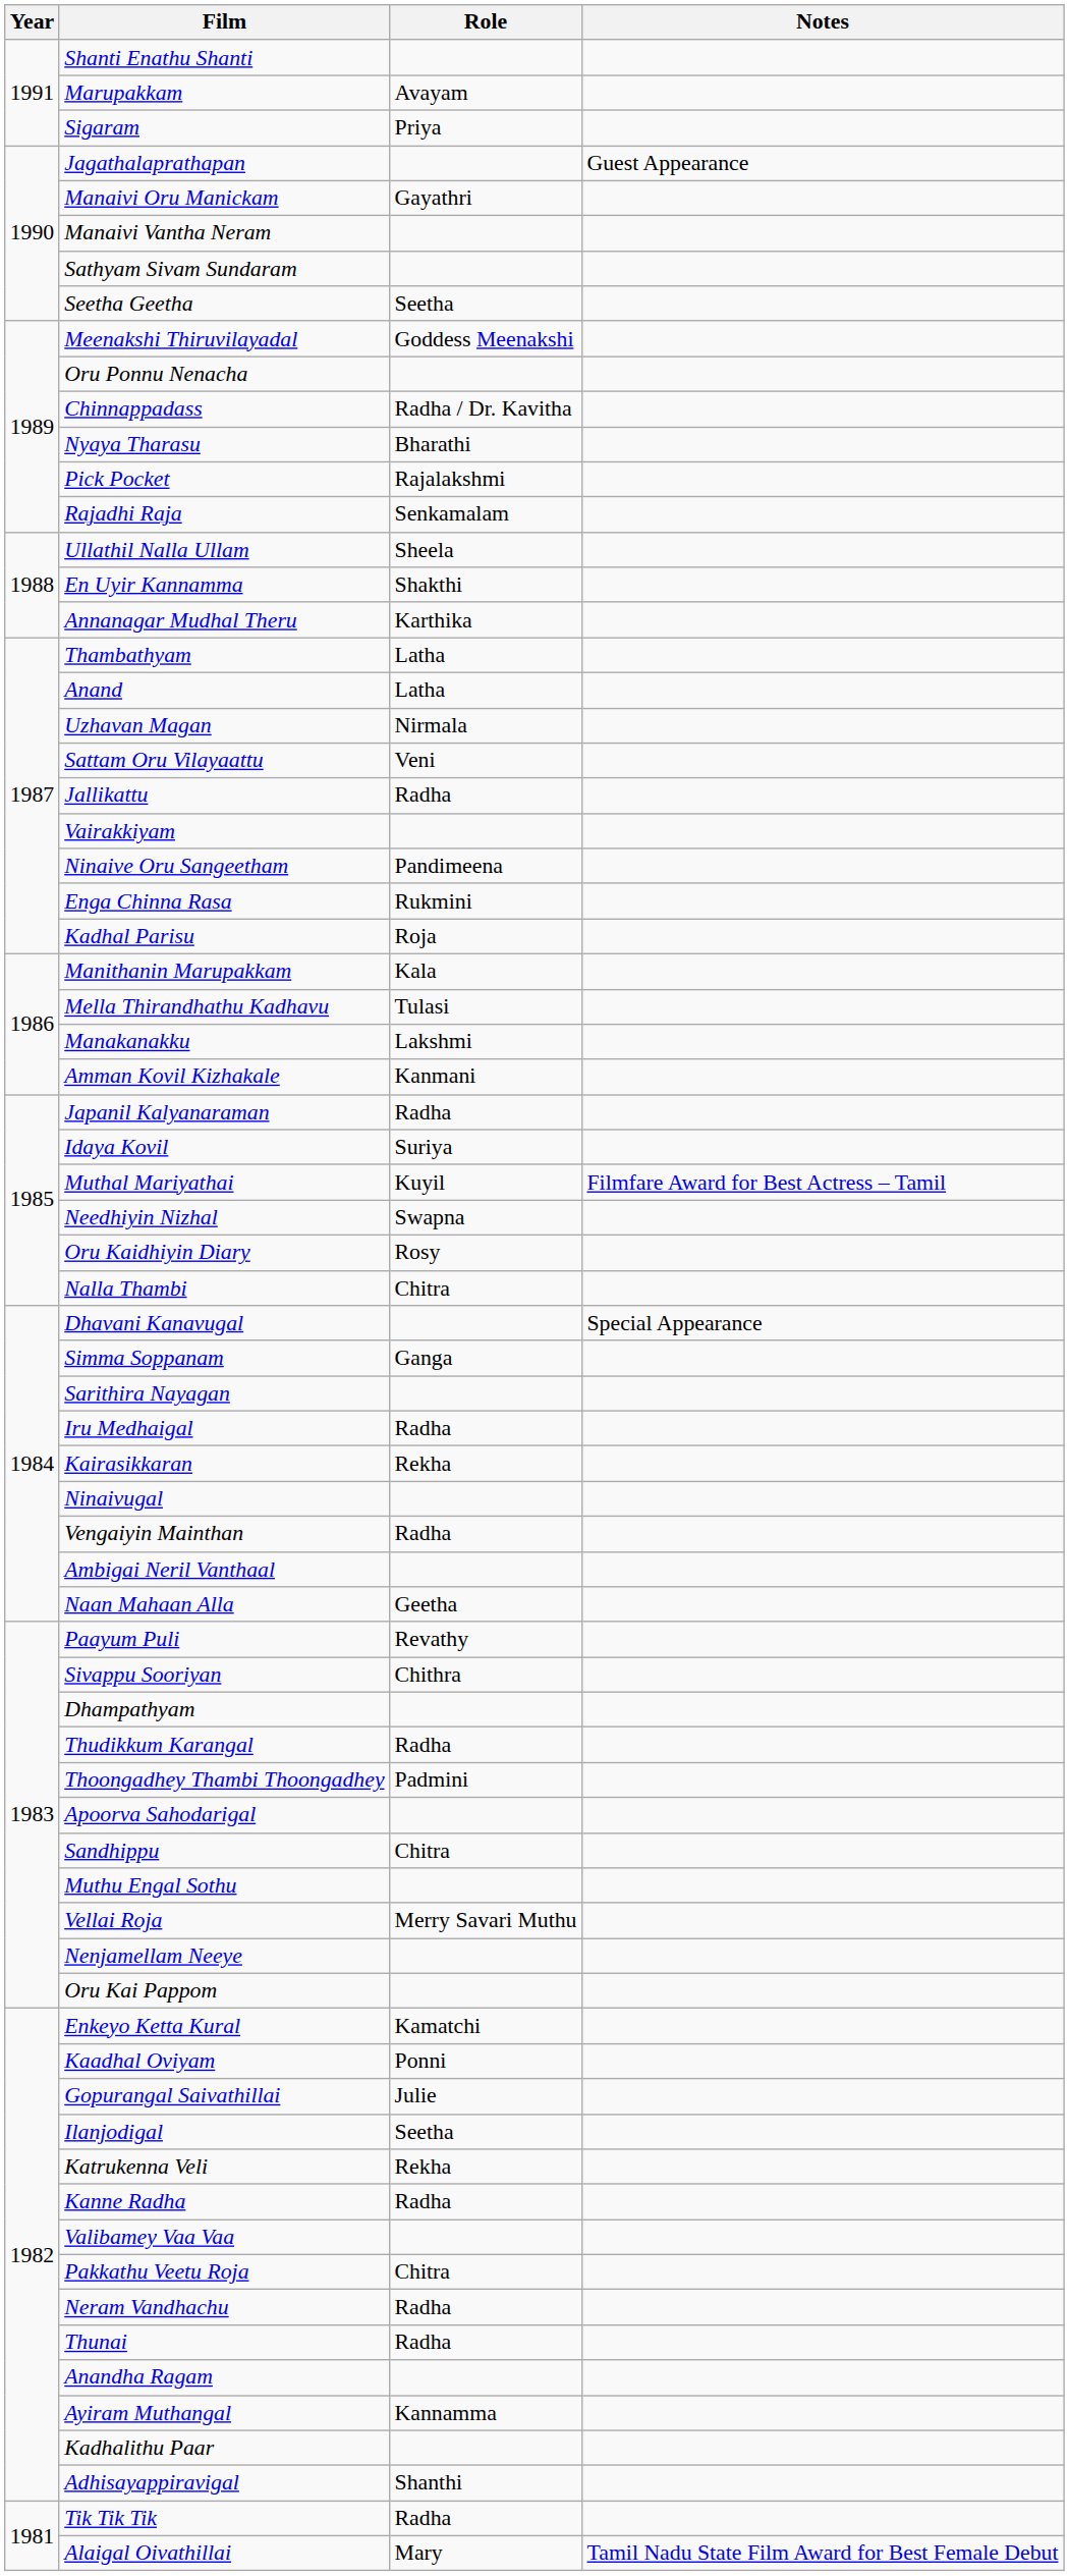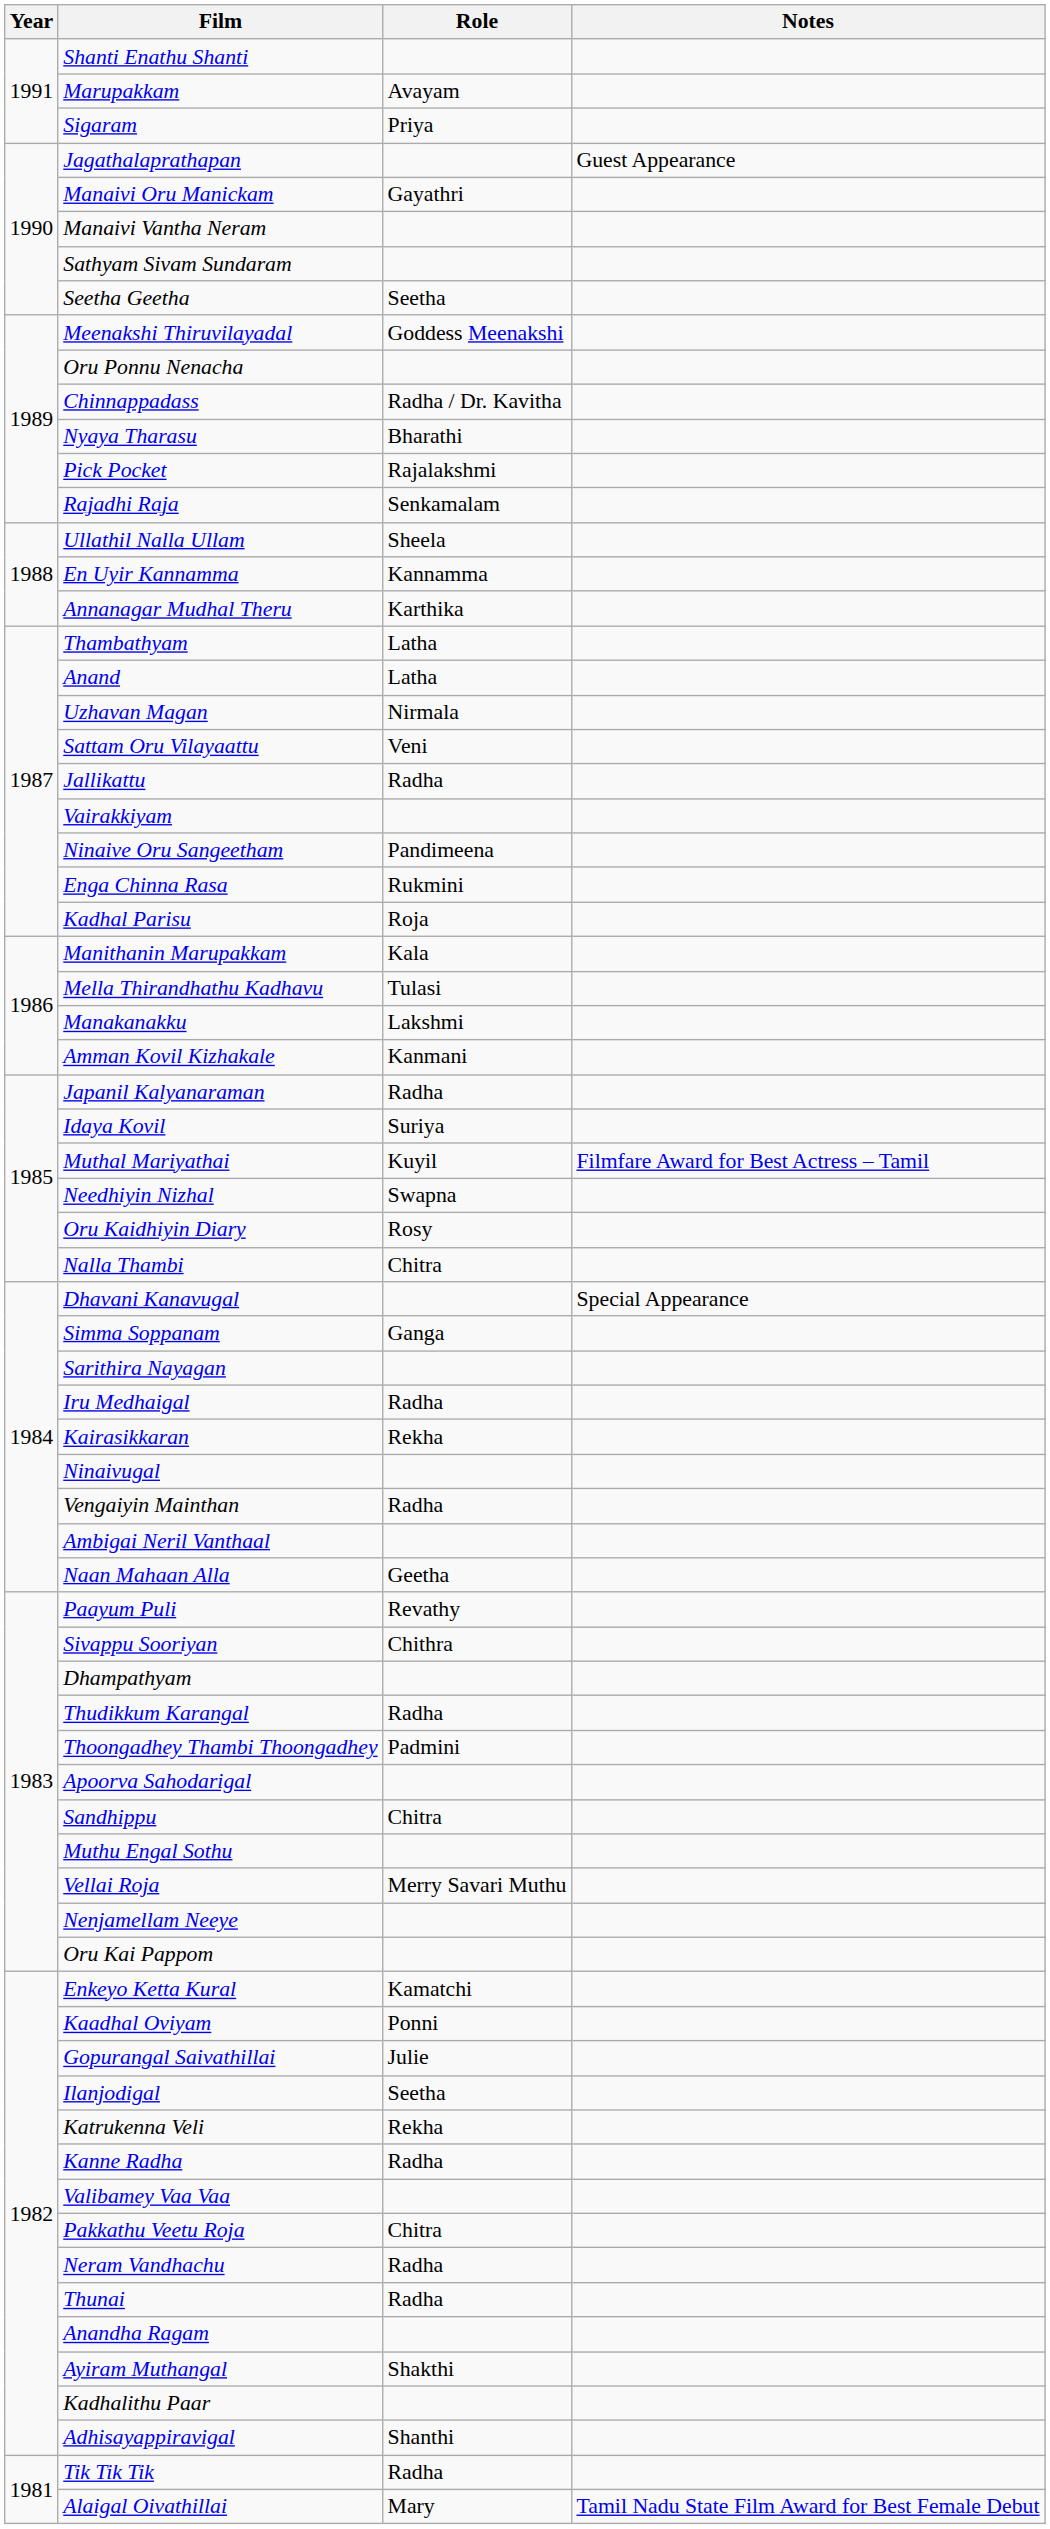 <table class="wikitable">
 <tr>
 <th>Year</th>
 <th>Film</th>
 <th>Role</th>
 <th>Notes</th>
 </tr>
 <tr>
 <td rowspan="3">1991</td>
 <td><em><a href='#'>Shanti Enathu Shanti</a></em></td>
 <td></td>
 <td></td>
 </tr>
 <tr>
 <td><em><a href='#'>Marupakkam</a></em></td>
 <td>Avayam</td>
 <td></td>
 </tr>
 <tr>
 <td><em><a href='#'>Sigaram</a></em></td>
 <td>Priya</td>
 <td></td>
 </tr>
 <tr>
 <td rowspan="5">1990</td>
 <td><em><a href='#'>Jagathalaprathapan</a></em></td>
 <td></td>
 <td>Guest Appearance</td>
 </tr>
 <tr>
 <td><em><a href='#'>Manaivi Oru Manickam</a></em></td>
 <td>Gayathri</td>
 <td></td>
 </tr>
 <tr>
 <td><em>Manaivi Vantha Neram</em></td>
 <td></td>
 <td></td>
 </tr>
 <tr>
 <td><em>Sathyam Sivam Sundaram</em></td>
 <td></td>
 <td></td>
 </tr>
 <tr>
 <td><em>Seetha Geetha</em></td>
 <td>Seetha</td>
 <td></td>
 </tr>
 <tr>
 <td rowspan="6">1989</td>
 <td><em><a href='#'>Meenakshi Thiruvilayadal</a></em></td>
 <td>Goddess <a href='#'>Meenakshi</a></td>
 <td></td>
 </tr>
 <tr>
 <td><em>Oru Ponnu Nenacha</em></td>
 <td></td>
 <td></td>
 </tr>
 <tr>
 <td><em><a href='#'>Chinnappadass</a></em></td>
 <td>Radha / Dr. Kavitha</td>
 <td></td>
 </tr>
 <tr>
 <td><em><a href='#'>Nyaya Tharasu</a></em></td>
 <td>Bharathi</td>
 <td></td>
 </tr>
 <tr>
 <td><em><a href='#'>Pick Pocket</a></em></td>
 <td>Rajalakshmi</td>
 <td></td>
 </tr>
 <tr>
 <td><em><a href='#'>Rajadhi Raja</a></em></td>
 <td>Senkamalam</td>
 <td></td>
 </tr>
 <tr>
 <td rowspan="3">1988</td>
 <td><em><a href='#'>Ullathil Nalla Ullam</a></em></td>
 <td>Sheela</td>
 <td></td>
 </tr>
 <tr>
 <td><em><a href='#'>En Uyir Kannamma</a></em></td>
-<td>Shakthi</td>
+<td>Kannamma</td>
 <td></td>
 </tr>
 <tr>
 <td><em><a href='#'>Annanagar Mudhal Theru</a></em></td>
 <td>Karthika</td>
 <td></td>
 </tr>
 <tr>
 <td rowspan="9">1987</td>
 <td><em><a href='#'>Thambathyam</a></em></td>
 <td>Latha</td>
 <td></td>
 </tr>
 <tr>
 <td><em><a href='#'>Anand</a></em></td>
 <td>Latha</td>
 <td></td>
 </tr>
 <tr>
 <td><em><a href='#'>Uzhavan Magan</a></em></td>
 <td>Nirmala</td>
 <td></td>
 </tr>
 <tr>
 <td><em><a href='#'>Sattam Oru Vilayaattu</a></em></td>
 <td>Veni</td>
 <td></td>
 </tr>
 <tr>
 <td><em><a href='#'>Jallikattu</a></em></td>
 <td>Radha</td>
 <td></td>
 </tr>
 <tr>
 <td><em><a href='#'>Vairakkiyam</a></em></td>
 <td></td>
 <td></td>
 </tr>
 <tr>
 <td><em><a href='#'>Ninaive Oru Sangeetham</a></em></td>
 <td>Pandimeena</td>
 <td></td>
 </tr>
 <tr>
 <td><em><a href='#'>Enga Chinna Rasa</a></em></td>
 <td>Rukmini</td>
 <td></td>
 </tr>
 <tr>
 <td><em><a href='#'>Kadhal Parisu</a></em></td>
 <td>Roja</td>
 <td></td>
 </tr>
 <tr>
 <td rowspan="4">1986</td>
 <td><em><a href='#'>Manithanin Marupakkam</a></em></td>
 <td>Kala</td>
 <td></td>
 </tr>
 <tr>
 <td><em><a href='#'>Mella Thirandhathu Kadhavu</a></em></td>
 <td>Tulasi</td>
 <td></td>
 </tr>
 <tr>
 <td><em><a href='#'>Manakanakku</a></em></td>
 <td>Lakshmi</td>
 <td></td>
 </tr>
 <tr>
 <td><em><a href='#'>Amman Kovil Kizhakale</a></em></td>
 <td>Kanmani</td>
 <td></td>
 </tr>
 <tr>
 <td rowspan="6">1985</td>
 <td><em><a href='#'>Japanil Kalyanaraman</a></em></td>
 <td>Radha</td>
 <td></td>
 </tr>
 <tr>
 <td><em><a href='#'>Idaya Kovil</a></em></td>
 <td>Suriya</td>
 <td></td>
 </tr>
 <tr>
 <td><em><a href='#'>Muthal Mariyathai</a></em></td>
 <td>Kuyil</td>
 <td><a href='#'>Filmfare Award for Best Actress – Tamil</a></td>
 </tr>
 <tr>
 <td><em><a href='#'>Needhiyin Nizhal</a></em></td>
 <td>Swapna</td>
 <td></td>
 </tr>
 <tr>
 <td><em><a href='#'>Oru Kaidhiyin Diary</a></em></td>
 <td>Rosy</td>
 <td></td>
 </tr>
 <tr>
 <td><em><a href='#'>Nalla Thambi</a></em></td>
 <td>Chitra</td>
 <td></td>
 </tr>
 <tr>
 <td rowspan="9">1984</td>
 <td><em><a href='#'>Dhavani Kanavugal</a></em></td>
 <td></td>
 <td>Special Appearance</td>
 </tr>
 <tr>
 <td><em><a href='#'>Simma Soppanam</a></em></td>
 <td>Ganga</td>
 <td></td>
 </tr>
 <tr>
 <td><em><a href='#'>Sarithira Nayagan</a></em></td>
 <td></td>
 <td></td>
 </tr>
 <tr>
 <td><em><a href='#'>Iru Medhaigal</a></em></td>
 <td>Radha</td>
 <td></td>
 </tr>
 <tr>
 <td><em><a href='#'>Kairasikkaran</a></em></td>
 <td>Rekha</td>
 <td></td>
 </tr>
 <tr>
 <td><em><a href='#'>Ninaivugal</a></em></td>
 <td></td>
 <td></td>
 </tr>
 <tr>
 <td><em>Vengaiyin Mainthan</em></td>
 <td>Radha</td>
 <td></td>
 </tr>
 <tr>
 <td><em><a href='#'>Ambigai Neril Vanthaal</a></em></td>
 <td></td>
 <td></td>
 </tr>
 <tr>
 <td><em><a href='#'>Naan Mahaan Alla</a></em></td>
 <td>Geetha</td>
 <td></td>
 </tr>
 <tr>
 <td rowspan="11">1983</td>
 <td><em><a href='#'>Paayum Puli</a></em></td>
 <td>Revathy</td>
 <td></td>
 </tr>
 <tr>
 <td><em><a href='#'>Sivappu Sooriyan</a></em></td>
 <td>Chithra</td>
 <td></td>
 </tr>
 <tr>
 <td><em>Dhampathyam</em></td>
 <td></td>
 <td></td>
 </tr>
 <tr>
 <td><em><a href='#'>Thudikkum Karangal</a></em></td>
 <td>Radha</td>
 <td></td>
 </tr>
 <tr>
 <td><em><a href='#'>Thoongadhey Thambi Thoongadhey</a></em></td>
 <td>Padmini</td>
 <td></td>
 </tr>
 <tr>
 <td><em><a href='#'>Apoorva Sahodarigal</a></em></td>
 <td></td>
 <td></td>
 </tr>
 <tr>
 <td><em><a href='#'>Sandhippu</a></em></td>
 <td>Chitra</td>
 <td></td>
 </tr>
 <tr>
 <td><em><a href='#'>Muthu Engal Sothu</a></em></td>
 <td></td>
 <td></td>
 </tr>
 <tr>
 <td><em><a href='#'>Vellai Roja</a></em></td>
 <td>Merry Savari Muthu</td>
 <td></td>
 </tr>
 <tr>
 <td><em><a href='#'>Nenjamellam Neeye</a></em></td>
 <td></td>
 <td></td>
 </tr>
 <tr>
 <td><em>Oru Kai Pappom</em></td>
 <td></td>
 <td></td>
 </tr>
 <tr>
 <td rowspan="14">1982</td>
 <td><em><a href='#'>Enkeyo Ketta Kural</a></em></td>
 <td>Kamatchi</td>
 <td></td>
 </tr>
 <tr>
 <td><em><a href='#'>Kaadhal Oviyam</a></em></td>
 <td>Ponni</td>
 <td></td>
 </tr>
 <tr>
 <td><em><a href='#'>Gopurangal Saivathillai</a></em></td>
 <td>Julie</td>
 <td></td>
 </tr>
 <tr>
 <td><em><a href='#'>Ilanjodigal</a></em></td>
 <td>Seetha</td>
 <td></td>
 </tr>
 <tr>
 <td><em>Katrukenna Veli</em></td>
 <td>Rekha</td>
 <td></td>
 </tr>
 <tr>
 <td><em><a href='#'>Kanne Radha</a></em></td>
 <td>Radha</td>
 <td></td>
 </tr>
 <tr>
 <td><em><a href='#'>Valibamey Vaa Vaa</a></em></td>
 <td></td>
 <td></td>
 </tr>
 <tr>
 <td><em><a href='#'>Pakkathu Veetu Roja</a></em></td>
 <td>Chitra</td>
 <td></td>
 </tr>
 <tr>
 <td><em><a href='#'>Neram Vandhachu</a></em></td>
 <td>Radha</td>
 <td></td>
 </tr>
 <tr>
 <td><em><a href='#'>Thunai</a></em></td>
 <td>Radha</td>
 <td></td>
 </tr>
 <tr>
 <td><em><a href='#'>Anandha Ragam</a></em></td>
 <td></td>
 <td></td>
 </tr>
 <tr>
 <td><em><a href='#'>Ayiram Muthangal</a></em></td>
-<td>Kannamma</td>
+<td>Shakthi</td>
 <td></td>
 </tr>
 <tr>
 <td><em>Kadhalithu Paar</em></td>
 <td></td>
 <td></td>
 </tr>
 <tr>
 <td><em><a href='#'>Adhisayappiravigal</a></em></td>
 <td>Shanthi</td>
 <td></td>
 </tr>
 <tr>
 <td rowspan="2">1981</td>
 <td><em><a href='#'>Tik Tik Tik</a></em></td>
 <td>Radha</td>
 <td></td>
 </tr>
 <tr>
 <td><em><a href='#'>Alaigal Oivathillai</a></em></td>
 <td>Mary</td>
 <td><a href='#'>Tamil Nadu State Film Award for Best Female Debut</a></td>
 </tr>
 </table>
